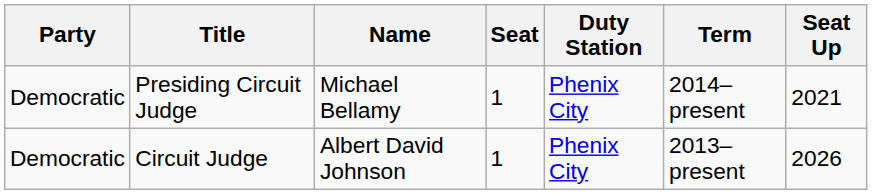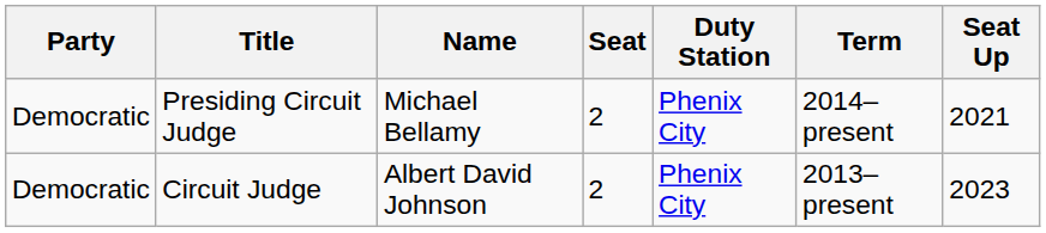 <table class = "wikitable">
 <tr>
 <th>Party</th>
 <th>Title</th>
 <th>Name</th>
 <th>Seat</th>
 <th>Duty Station</th>
 <th>Term</th>
 <th>Seat Up</th>
 </tr>
 <tr>
 <td style="background:">Democratic</td>
 <td>Presiding Circuit Judge</td>
 <td>Michael Bellamy</td>
-<td>1</td>
+<td>2</td>
 <td><a href='#'>Phenix City</a></td>
 <td>2014–present</td>
 <td>2021</td>
 </tr>
 <tr>
 <td style="background:">Democratic</td>
 <td>Circuit Judge</td>
 <td>Albert David Johnson</td>
-<td>1</td>
+<td>2</td>
 <td><a href='#'>Phenix City</a></td>
 <td>2013–present</td>
-<td>2026</td>
+<td>2023</td>
 </tr>
 </table>
